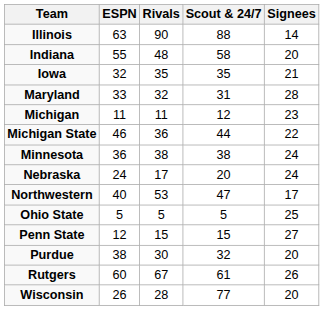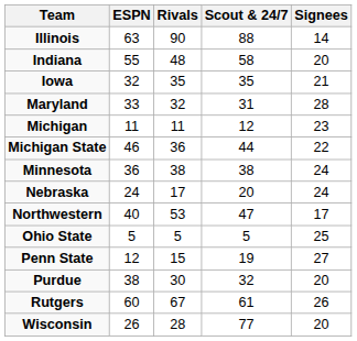 <table class="wikitable">
 <tr>
 <th>Team</th>
 <th>ESPN</th>
 <th>Rivals</th>
 <th>Scout & 24/7</th>
 <th>Signees</th>
 </tr>
 <tr style="text-align:center;">
 <td><strong>Illinois</strong></td>
 <td style="text-align:center; background:white">63</td>
 <td style="text-align:center; background:white">90</td>
 <td style="text-align:center; background:white">88</td>
 <td style="text-align:center; background:white">14</td>
 </tr>
 <tr style="text-align:center;">
 <td><strong>Indiana</strong></td>
 <td style="text-align:center; background:white">55</td>
 <td style="text-align:center; background:white">48</td>
 <td style="text-align:center; background:white">58</td>
 <td style="text-align:center; background:white">20</td>
 </tr>
 <tr style="text-align:center;">
 <td><strong>Iowa</strong></td>
 <td style="text-align:center; background:white">32</td>
 <td style="text-align:center; background:white">35</td>
 <td style="text-align:center; background:white">35</td>
 <td style="text-align:center; background:white">21</td>
 </tr>
 <tr style="text-align:center;">
 <td><strong>Maryland</strong></td>
 <td style="text-align:center; background:white">33</td>
 <td style="text-align:center; background:white">32</td>
 <td style="text-align:center; background:white">31</td>
 <td style="text-align:center; background:white">28</td>
 </tr>
 <tr style="text-align:center;">
 <td><strong>Michigan</strong></td>
 <td style="text-align:center; background:white">11</td>
 <td style="text-align:center; background:white">11</td>
 <td style="text-align:center; background:white">12</td>
 <td style="text-align:center; background:white">23</td>
 </tr>
 <tr style="text-align:center;">
 <td><strong>Michigan State</strong></td>
 <td style="text-align:center; background:white">46</td>
 <td style="text-align:center; background:white">36</td>
 <td style="text-align:center; background:white">44</td>
 <td style="text-align:center; background:white">22</td>
 </tr>
 <tr style="text-align:center;">
 <td><strong>Minnesota</strong></td>
 <td style="text-align:center; background:white">36</td>
 <td style="text-align:center; background:white">38</td>
 <td style="text-align:center; background:white">38</td>
 <td style="text-align:center; background:white">24</td>
 </tr>
 <tr style="text-align:center;">
 <td><strong>Nebraska</strong></td>
 <td style="text-align:center; background:white">24</td>
 <td style="text-align:center; background:white">17</td>
 <td style="text-align:center; background:white">20</td>
 <td style="text-align:center; background:white">24</td>
 </tr>
 <tr style="text-align:center;">
 <td><strong>Northwestern</strong></td>
 <td style="text-align:center; background:white">40</td>
 <td style="text-align:center; background:white">53</td>
 <td style="text-align:center; background:white">47</td>
 <td style="text-align:center; background:white">17</td>
 </tr>
 <tr style="text-align:center;">
 <td><strong>Ohio State</strong></td>
 <td style="text-align:center; background:white">5</td>
 <td style="text-align:center; background:white">5</td>
 <td style="text-align:center; background:white">5</td>
 <td style="text-align:center; background:white">25</td>
 </tr>
 <tr style="text-align:center;">
 <td><strong>Penn State</strong></td>
 <td style="text-align:center; background:white">12</td>
 <td style="text-align:center; background:white">15</td>
-<td style="text-align:center; background:white">15</td>
+<td style="text-align:center; background:white">19</td>
 <td style="text-align:center; background:white">27</td>
 </tr>
 <tr style="text-align:center;">
 <td><strong>Purdue</strong></td>
 <td style="text-align:center; background:white">38</td>
 <td style="text-align:center; background:white">30</td>
 <td style="text-align:center; background:white">32</td>
 <td style="text-align:center; background:white">20</td>
 </tr>
 <tr style="text-align:center;">
 <td><strong>Rutgers</strong></td>
 <td style="text-align:center; background:white">60</td>
 <td style="text-align:center; background:white">67</td>
 <td style="text-align:center; background:white">61</td>
 <td style="text-align:center; background:white">26</td>
 </tr>
 <tr style="text-align:center;">
 <td><strong>Wisconsin</strong></td>
 <td style="text-align:center; background:white">26</td>
 <td style="text-align:center; background:white">28</td>
 <td style="text-align:center; background:white">77</td>
 <td style="text-align:center; background:white">20</td>
 </tr>
 </table>
